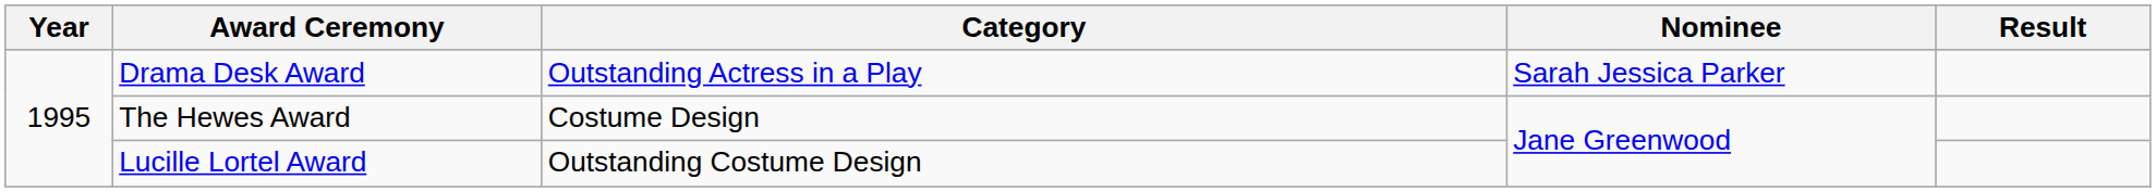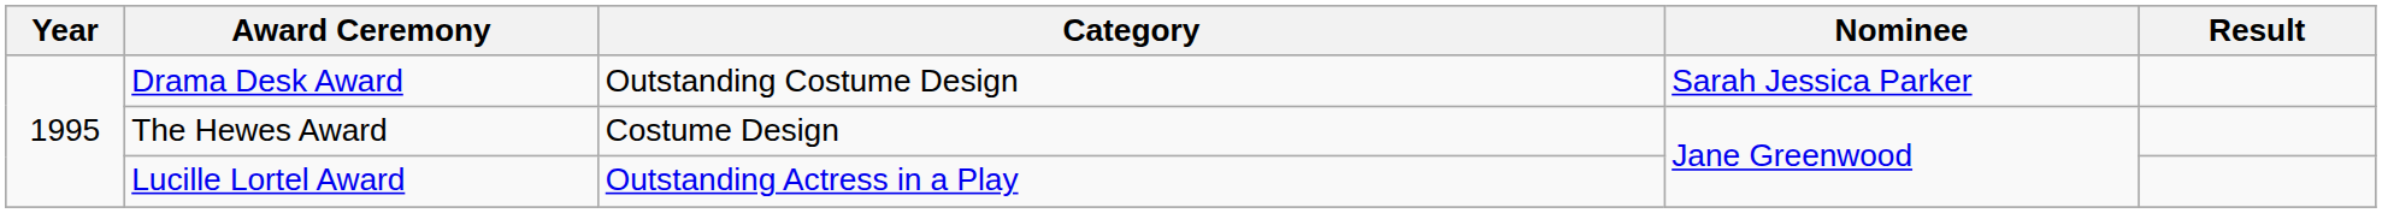 <table class="wikitable" width="95%">
 <tr>
 <th width="5%">Year</th>
 <th width="20%">Award Ceremony</th>
 <th width="45%">Category</th>
 <th width="20%">Nominee</th>
 <th width="10%">Result</th>
 </tr>
 <tr>
 <td rowspan="3" align="center">1995</td>
 <td><a href='#'>Drama Desk Award</a></td>
-<td><a href='#'>Outstanding Actress in a Play</a></td>
+<td>Outstanding Costume Design</td>
 <td><a href='#'>Sarah Jessica Parker</a></td>
 <td></td>
 </tr>
 <tr>
 <td>The Hewes Award</td>
 <td>Costume Design</td>
 <td rowspan="2"><a href='#'>Jane Greenwood</a></td>
 <td></td>
 </tr>
 <tr>
 <td><a href='#'>Lucille Lortel Award</a></td>
-<td>Outstanding Costume Design</td>
+<td><a href='#'>Outstanding Actress in a Play</a></td>
 <td></td>
 </tr>
 </table>
